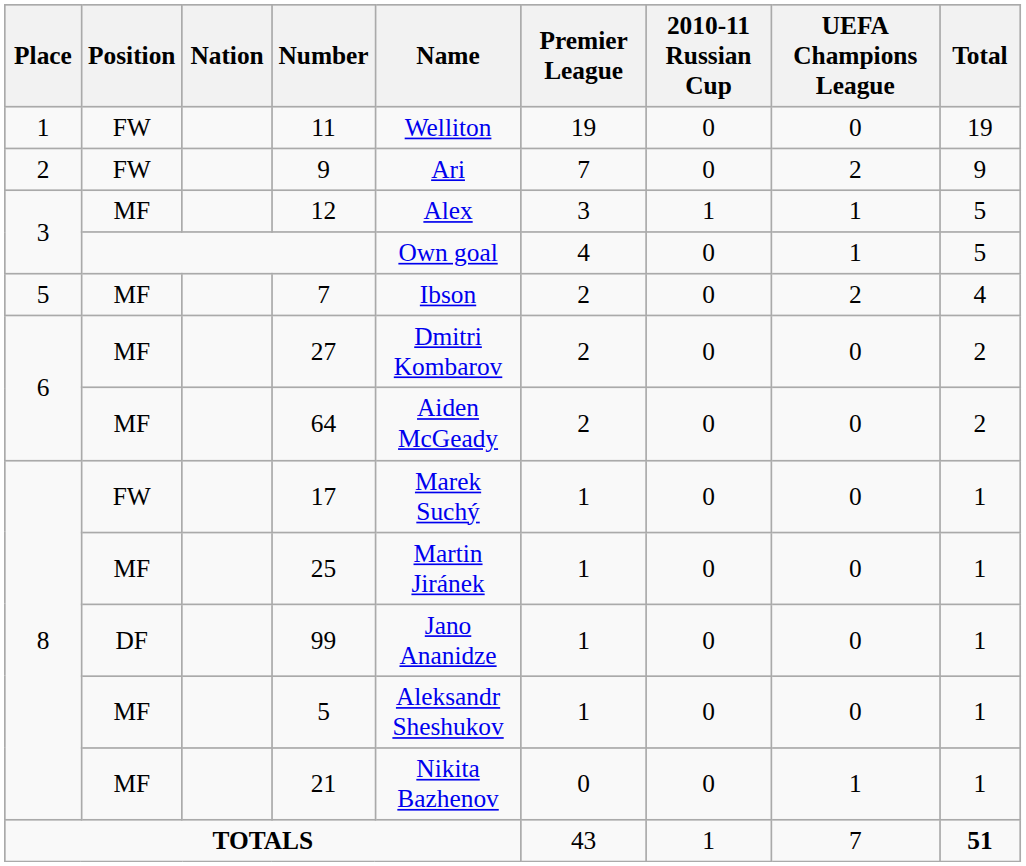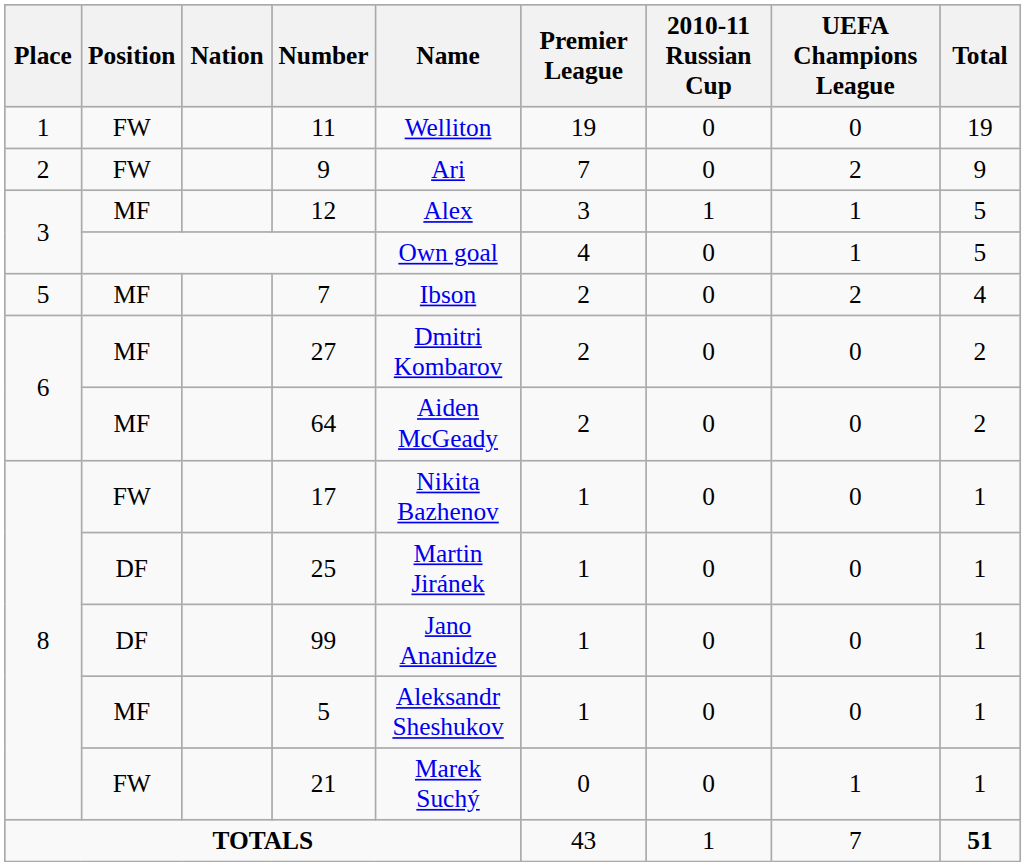 <table class="wikitable" style="font-size: 95%; text-align: center;">
 <tr>
 <th width=60>Place</th>
 <th width=60>Position</th>
 <th width=60>Nation</th>
 <th width=60>Number</th>
 <th width=150>Name</th>
 <th width=150>Premier League</th>
 <th width=150>2010-11 Russian Cup</th>
 <th width=200>UEFA Champions League</th>
 <th width=80>Total</th>
 </tr>
 <tr>
 <td>1</td>
 <td>FW</td>
 <td></td>
 <td>11</td>
 <td><a href='#'>Welliton</a></td>
 <td>19</td>
 <td>0</td>
 <td>0</td>
 <td>19</td>
 </tr>
 <tr>
 <td>2</td>
 <td>FW</td>
 <td></td>
 <td>9</td>
 <td><a href='#'>Ari</a></td>
 <td>7</td>
 <td>0</td>
 <td>2</td>
 <td>9</td>
 </tr>
 <tr>
 <td rowspan="2">3</td>
 <td>MF</td>
 <td></td>
 <td>12</td>
 <td><a href='#'>Alex</a></td>
 <td>3</td>
 <td>1</td>
 <td>1</td>
 <td>5</td>
 </tr>
 <tr>
 <td colspan="3"></td>
 <td><a href='#'>Own goal</a></td>
 <td>4</td>
 <td>0</td>
 <td>1</td>
 <td>5</td>
 </tr>
 <tr>
 <td>5</td>
 <td>MF</td>
 <td></td>
 <td>7</td>
 <td><a href='#'>Ibson</a></td>
 <td>2</td>
 <td>0</td>
 <td>2</td>
 <td>4</td>
 </tr>
 <tr>
 <td rowspan="2">6</td>
 <td>MF</td>
 <td></td>
 <td>27</td>
 <td><a href='#'>Dmitri Kombarov</a></td>
 <td>2</td>
 <td>0</td>
 <td>0</td>
 <td>2</td>
 </tr>
 <tr>
 <td>MF</td>
 <td></td>
 <td>64</td>
 <td><a href='#'>Aiden McGeady</a></td>
 <td>2</td>
 <td>0</td>
 <td>0</td>
 <td>2</td>
 </tr>
 <tr>
 <td rowspan="5">8</td>
 <td>FW</td>
 <td></td>
 <td>17</td>
-<td><a href='#'>Marek Suchý</a></td>
+<td><a href='#'>Nikita Bazhenov</a></td>
 <td>1</td>
 <td>0</td>
 <td>0</td>
 <td>1</td>
 </tr>
 <tr>
-<td>MF</td>
+<td>DF</td>
 <td></td>
 <td>25</td>
 <td><a href='#'>Martin Jiránek</a></td>
 <td>1</td>
 <td>0</td>
 <td>0</td>
 <td>1</td>
 </tr>
 <tr>
 <td>DF</td>
 <td></td>
 <td>99</td>
 <td><a href='#'>Jano Ananidze</a></td>
 <td>1</td>
 <td>0</td>
 <td>0</td>
 <td>1</td>
 </tr>
 <tr>
 <td>MF</td>
 <td></td>
 <td>5</td>
 <td><a href='#'>Aleksandr Sheshukov</a></td>
 <td>1</td>
 <td>0</td>
 <td>0</td>
 <td>1</td>
 </tr>
 <tr>
-<td>MF</td>
+<td>FW</td>
 <td></td>
 <td>21</td>
-<td><a href='#'>Nikita Bazhenov</a></td>
+<td><a href='#'>Marek Suchý</a></td>
 <td>0</td>
 <td>0</td>
 <td>1</td>
 <td>1</td>
 </tr>
 <tr>
 <td colspan="5"><strong>TOTALS</strong></td>
 <td>43</td>
 <td>1</td>
 <td>7</td>
 <td><strong>51</strong></td>
 </tr>
 </table>
